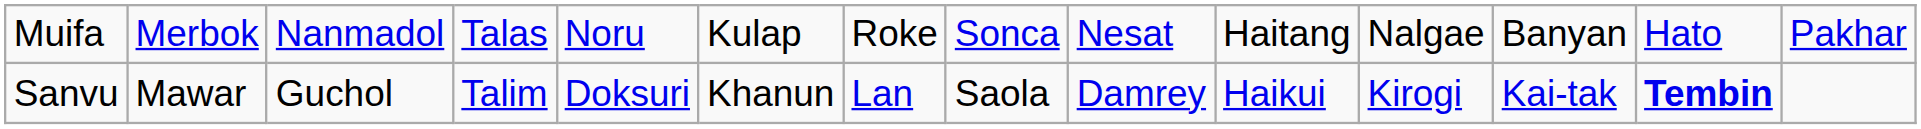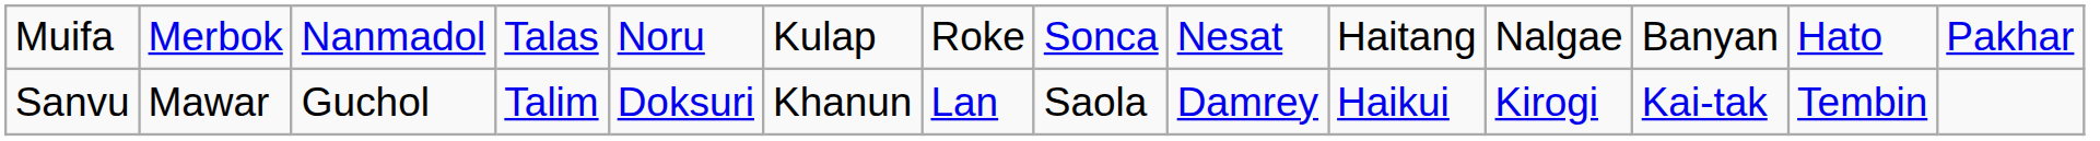 <table class="wikitable">
 <tr>
 <td>Muifa</td>
 <td><a href='#'>Merbok</a></td>
 <td><a href='#'>Nanmadol</a></td>
 <td><a href='#'>Talas</a></td>
 <td><a href='#'>Noru</a></td>
 <td>Kulap</td>
 <td>Roke</td>
 <td><a href='#'>Sonca</a></td>
 <td><a href='#'>Nesat</a></td>
 <td>Haitang</td>
 <td>Nalgae</td>
 <td>Banyan</td>
 <td><a href='#'>Hato</a></td>
 <td><a href='#'>Pakhar</a></td>
 </tr>
 <tr>
 <td>Sanvu</td>
 <td>Mawar</td>
 <td>Guchol</td>
 <td><a href='#'>Talim</a></td>
 <td><a href='#'>Doksuri</a></td>
 <td>Khanun</td>
 <td><a href='#'>Lan</a></td>
 <td>Saola</td>
 <td><a href='#'>Damrey</a></td>
 <td><a href='#'>Haikui</a></td>
 <td><a href='#'>Kirogi</a></td>
 <td><a href='#'>Kai-tak</a></td>
-<td><strong><a href='#'>Tembin</a></strong></td>
+<td><a href='#'>Tembin</a></td>
 </tr>
 </table>
